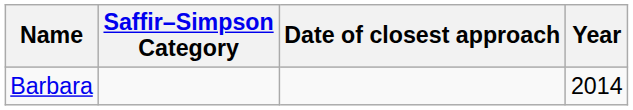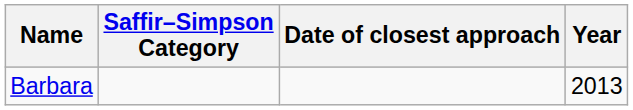 <table class = "wikitable" style="margin:1em auto;">
 <tr>
 <th>Name</th>
 <th><a href='#'>Saffir–Simpson</a><br>Category</th>
 <th>Date of closest approach</th>
 <th>Year</th>
 </tr>
 <tr>
 <td><a href='#'>Barbara</a></td>
 <td></td>
 <td></td>
-<td>2014</td>
+<td>2013</td>
 </tr>
 </table>
